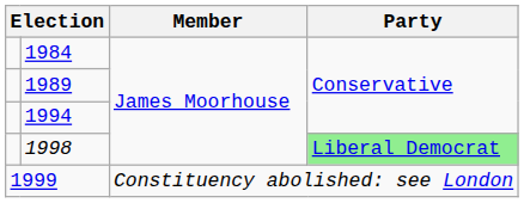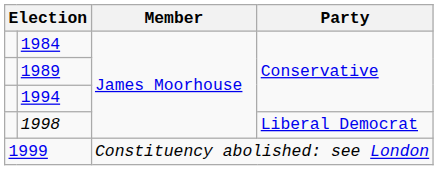 <table class="wikitable">
 <tr>
 <th colspan="2">Election</th>
 <th>Member</th>
 <th>Party</th>
 </tr>
 <tr>
 <td style="background-color: "></td>
 <td><a href='#'>1984</a></td>
 <td rowspan="4"><a href='#'>James Moorhouse</a></td>
 <td rowspan="3"><a href='#'>Conservative</a></td>
 </tr>
 <tr>
 <td style="background-color: "></td>
 <td><a href='#'>1989</a></td>
 </tr>
 <tr>
 <td style="background-color: "></td>
 <td><a href='#'>1994</a></td>
 </tr>
 <tr>
 <td style="background-color: "></td>
 <td><em>1998</em></td>
-<td style="background: lightgreen;"><a href='#'>Liberal Democrat</a></td>
+<td><a href='#'>Liberal Democrat</a></td>
 </tr>
 <tr>
 <td colspan="2"><a href='#'>1999</a></td>
 <td colspan="2"><em>Constituency abolished: see <a href='#'>London</a></em></td>
 </tr>
 </table>
